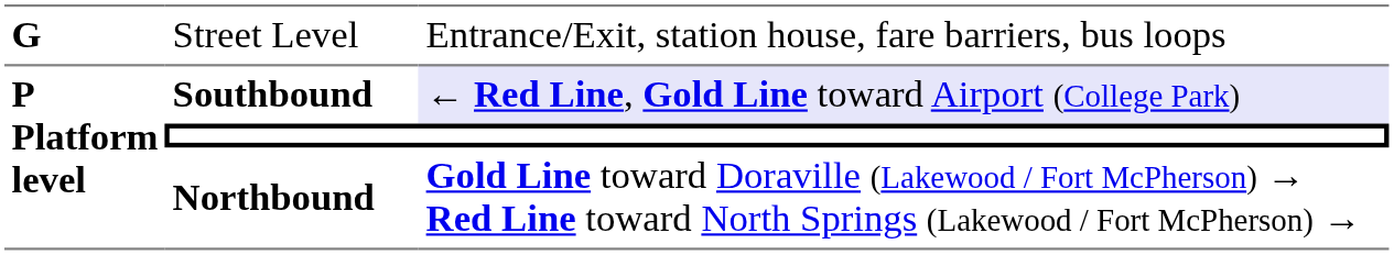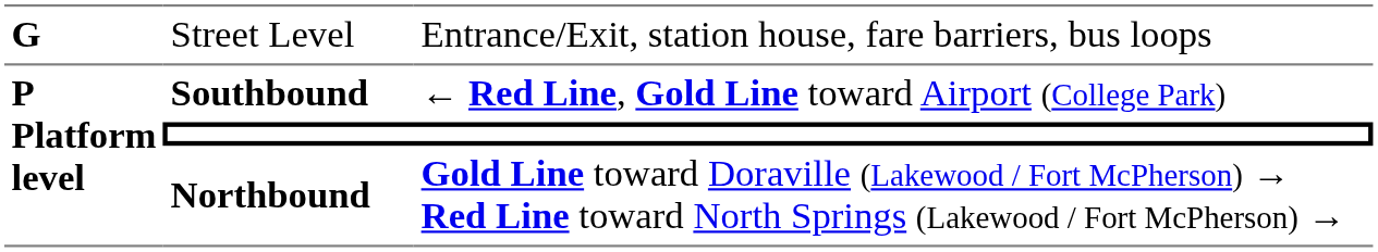 <table table border=0 cellspacing=0 cellpadding=3>
 <tr>
 <td style="border-top:solid 1px gray;" width=50 valign=top><strong>G</strong></td>
 <td style="border-top:solid 1px gray;" width=100 valign=top>Street Level</td>
 <td style="border-top:solid 1px gray;" width=400 valign=top>Entrance/Exit, station house, fare barriers, bus loops</td>
 </tr>
 <tr>
 <td style="border-top:solid 1px gray;border-bottom:solid 1px gray;" width=50 rowspan=3 valign=top><strong>P<br>Platform level</strong></td>
 <td style="border-top:solid 1px gray;" width=100><strong>Southbound</strong></td>
-<td style="background: lavender; border-top:solid 1px gray;" width=400>← <a href='#'><span><strong>Red Line</strong></span></a>, <a href='#'><span><strong>Gold Line</strong></span></a> toward <a href='#'>Airport</a> <small>(<a href='#'>College Park</a>)</small></td>
+<td style="border-top:solid 1px gray;" width=400>← <a href='#'><span><strong>Red Line</strong></span></a>, <a href='#'><span><strong>Gold Line</strong></span></a> toward <a href='#'>Airport</a> <small>(<a href='#'>College Park</a>)</small></td>
 </tr>
 <tr>
 <td style="border-top:solid 2px black;border-right:solid 2px black;border-left:solid 2px black;border-bottom:solid 2px black;text-align:center;" colspan=2></td>
 </tr>
 <tr>
 <td style="border-bottom:solid 1px gray;"><strong>Northbound</strong></td>
 <td style="border-bottom:solid 1px gray;"> <a href='#'><span><strong>Gold Line</strong></span></a> toward <a href='#'>Doraville</a> <small>(<a href='#'>Lakewood / Fort McPherson</a>)</small> →<br> <a href='#'><span><strong>Red Line</strong></span></a> toward <a href='#'>North Springs</a> <small>(Lakewood / Fort McPherson)</small> →</td>
 </tr>
 </table>
